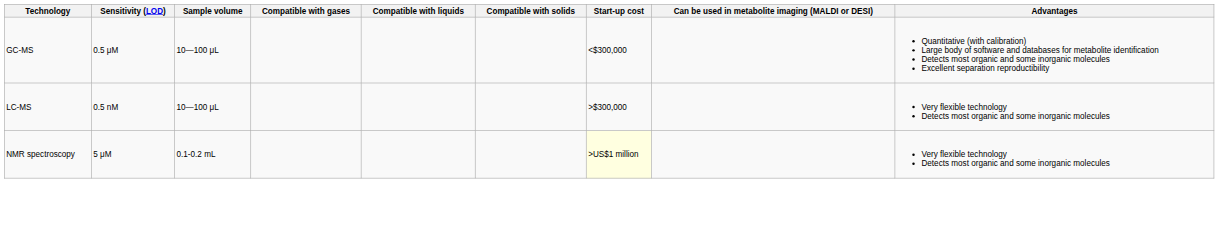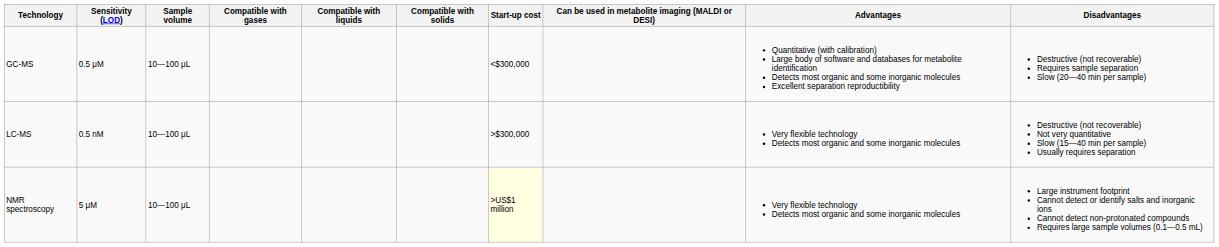 <table class="wikitable sortable" style="width: 100%; text-align: left; font-size: smaller; vertical-align: top;">
 <tr>
 <th>Technology</th>
 <th>Sensitivity (<a href='#'>LOD</a>)</th>
 <th>Sample volume</th>
 <th>Compatible with gases</th>
 <th>Compatible with liquids</th>
 <th>Compatible with solids</th>
 <th>Start-up cost</th>
 <th>Can be used in metabolite imaging (MALDI or DESI)</th>
 <th>Advantages</th>
+<th>Disadvantages</th>
 </tr>
 <tr>
 <td>GC-MS</td>
 <td>0.5 μM</td>
 <td>10—100 μL</td>
 <td></td>
 <td></td>
 <td></td>
 <td><$300,000</td>
 <td></td>
 <td><ul><br><li>Quantitative (with calibration)</li> <li>Large body of software and databases for metabolite identification</li> <li>Detects most organic and some inorganic molecules</li> <li>Excellent separation reproductibility</li> </ul></td>
+<td><ul><br><li>Destructive (not recoverable)</li> <li>Requires sample separation</li> <li>Slow (20—40 min per sample)</li> </ul></td>
 </tr>
 <tr>
 <td>LC-MS</td>
 <td>0.5 nM</td>
 <td>10—100 μL</td>
 <td></td>
 <td></td>
 <td></td>
 <td>>$300,000</td>
 <td></td>
 <td><ul><br><li>Very flexible technology</li> <li>Detects most organic and some inorganic molecules</li> </ul></td>
+<td><ul><br><li>Destructive (not recoverable)</li> <li>Not very quantitative</li> <li>Slow (15—40 min per sample)</li> <li>Usually requires separation</li> </ul></td>
 </tr>
 <tr>
 <td>NMR spectroscopy</td>
 <td>5 μM</td>
-<td>0.1-0.2 mL</td>
+<td>10—100 μL</td>
 <td></td>
 <td></td>
 <td></td>
 <td style="background: lightyellow;">>US$1 million</td>
 <td></td>
 <td><ul><br><li>Very flexible technology</li> <li>Detects most organic and some inorganic molecules</li> </ul></td>
+<td><ul><br><li>Large instrument footprint</li> <li>Cannot detect or identify salts and inorganic ions</li> <li>Cannot detect non-protonated compounds</li> <li>Requires large sample volumes (0.1—0.5 mL)</li> </ul></td>
 </tr>
 </table>
